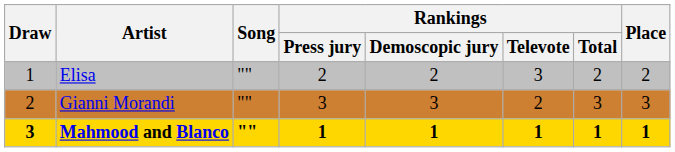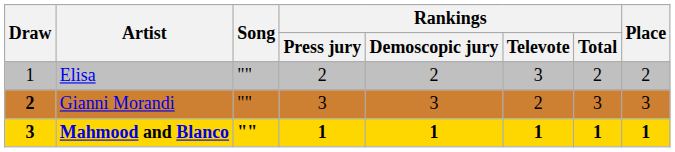 <table class="wikitable sortable">
 <tr>
 <th rowspan="2">Draw</th>
 <th rowspan="2">Artist</th>
 <th rowspan="2">Song</th>
 <th class="unsortable" colspan="4">Rankings</th>
 <th rowspan="2">Place</th>
 </tr>
 <tr>
 <th>Press jury</th>
 <th>Demoscopic jury</th>
 <th>Televote</th>
 <th>Total</th>
 </tr>
 <tr style="background:silver;">
 <td align="center">1</td>
 <td><a href='#'>Elisa</a></td>
 <td>""</td>
 <td align="center">2</td>
 <td align="center">2</td>
 <td align="center">3<br></td>
 <td align="center">2<br></td>
 <td align="center">2</td>
 </tr>
 <tr style="background:#Cd7f32;">
-<td align="center">2</td>
+<td align="center"><strong>2</strong></td>
 <td><a href='#'>Gianni Morandi</a></td>
 <td>""</td>
 <td align="center">3</td>
 <td align="center">3</td>
 <td align="center">2<br></td>
 <td align="center">3<br></td>
 <td align="center">3</td>
 </tr>
 <tr style="font-weight:bold; background:gold;">
 <td align="center">3</td>
 <td><a href='#'>Mahmood</a> and <a href='#'>Blanco</a></td>
 <td>""</td>
 <td align="center">1</td>
 <td align="center">1</td>
 <td align="center">1<br></td>
 <td align="center">1<br></td>
 <td align="center">1</td>
 </tr>
 </table>
